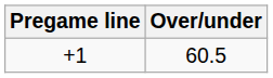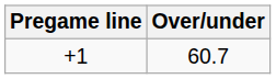 <table class="wikitable" style="margin-left: auto; margin-right: auto; border: none; display: inline-table;">
 <tr align="center">
 <th style=>Pregame line</th>
 <th style=>Over/under</th>
 </tr>
 <tr align="center">
 <td>+1</td>
-<td>60.5</td>
+<td>60.7</td>
 </tr>
 </table>
